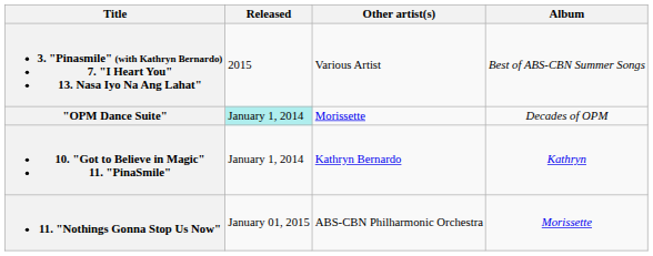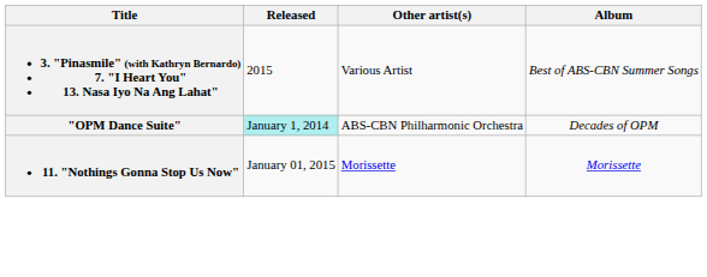 <table class="wikitable plainrowheaders">
 <tr>
 <th>Title</th>
 <th>Released</th>
 <th>Other artist(s)</th>
 <th>Album</th>
 </tr>
 <tr>
 <th scope="row"><br><ul><li>3. "Pinasmile" <small>(with Kathryn Bernardo)</small></li><li>7. "I Heart You"</li><li>13. Nasa Iyo Na Ang Lahat"</li></ul></th>
 <td tyle="text-align:center;">2015</td>
 <td>Various Artist</td>
 <td style="text-align:center;"><em>Best of ABS-CBN Summer Songs</em></td>
 </tr>
 <tr>
 <th scope="row">"OPM Dance Suite"</th>
 <td style="background: paleturquoise;">January 1, 2014</td>
-<td><a href='#'>Morissette</a></td>
+<td>ABS-CBN Philharmonic Orchestra</td>
 <td style="text-align:center;"><em>Decades of OPM</em></td>
-</tr>
-<tr>
-<th scope="row"><br><ul><li>10. "Got to Believe in Magic"</li><li>11. "PinaSmile"</li></ul></th>
-<td>January 1, 2014</td>
-<td><a href='#'>Kathryn Bernardo</a></td>
-<td style="text-align:center;"><em><a href='#'>Kathryn</a></em></td>
 </tr>
 <tr>
 <th scope="row"><br><ul><li>11. "Nothings Gonna Stop Us Now"</li></ul></th>
 <td tyle="text-align:center;">January 01, 2015</td>
-<td>ABS-CBN Philharmonic Orchestra</td>
+<td><a href='#'>Morissette</a></td>
 <td style="text-align:center;"><em><a href='#'>Morissette</a></em></td>
 </tr>
 </table>
